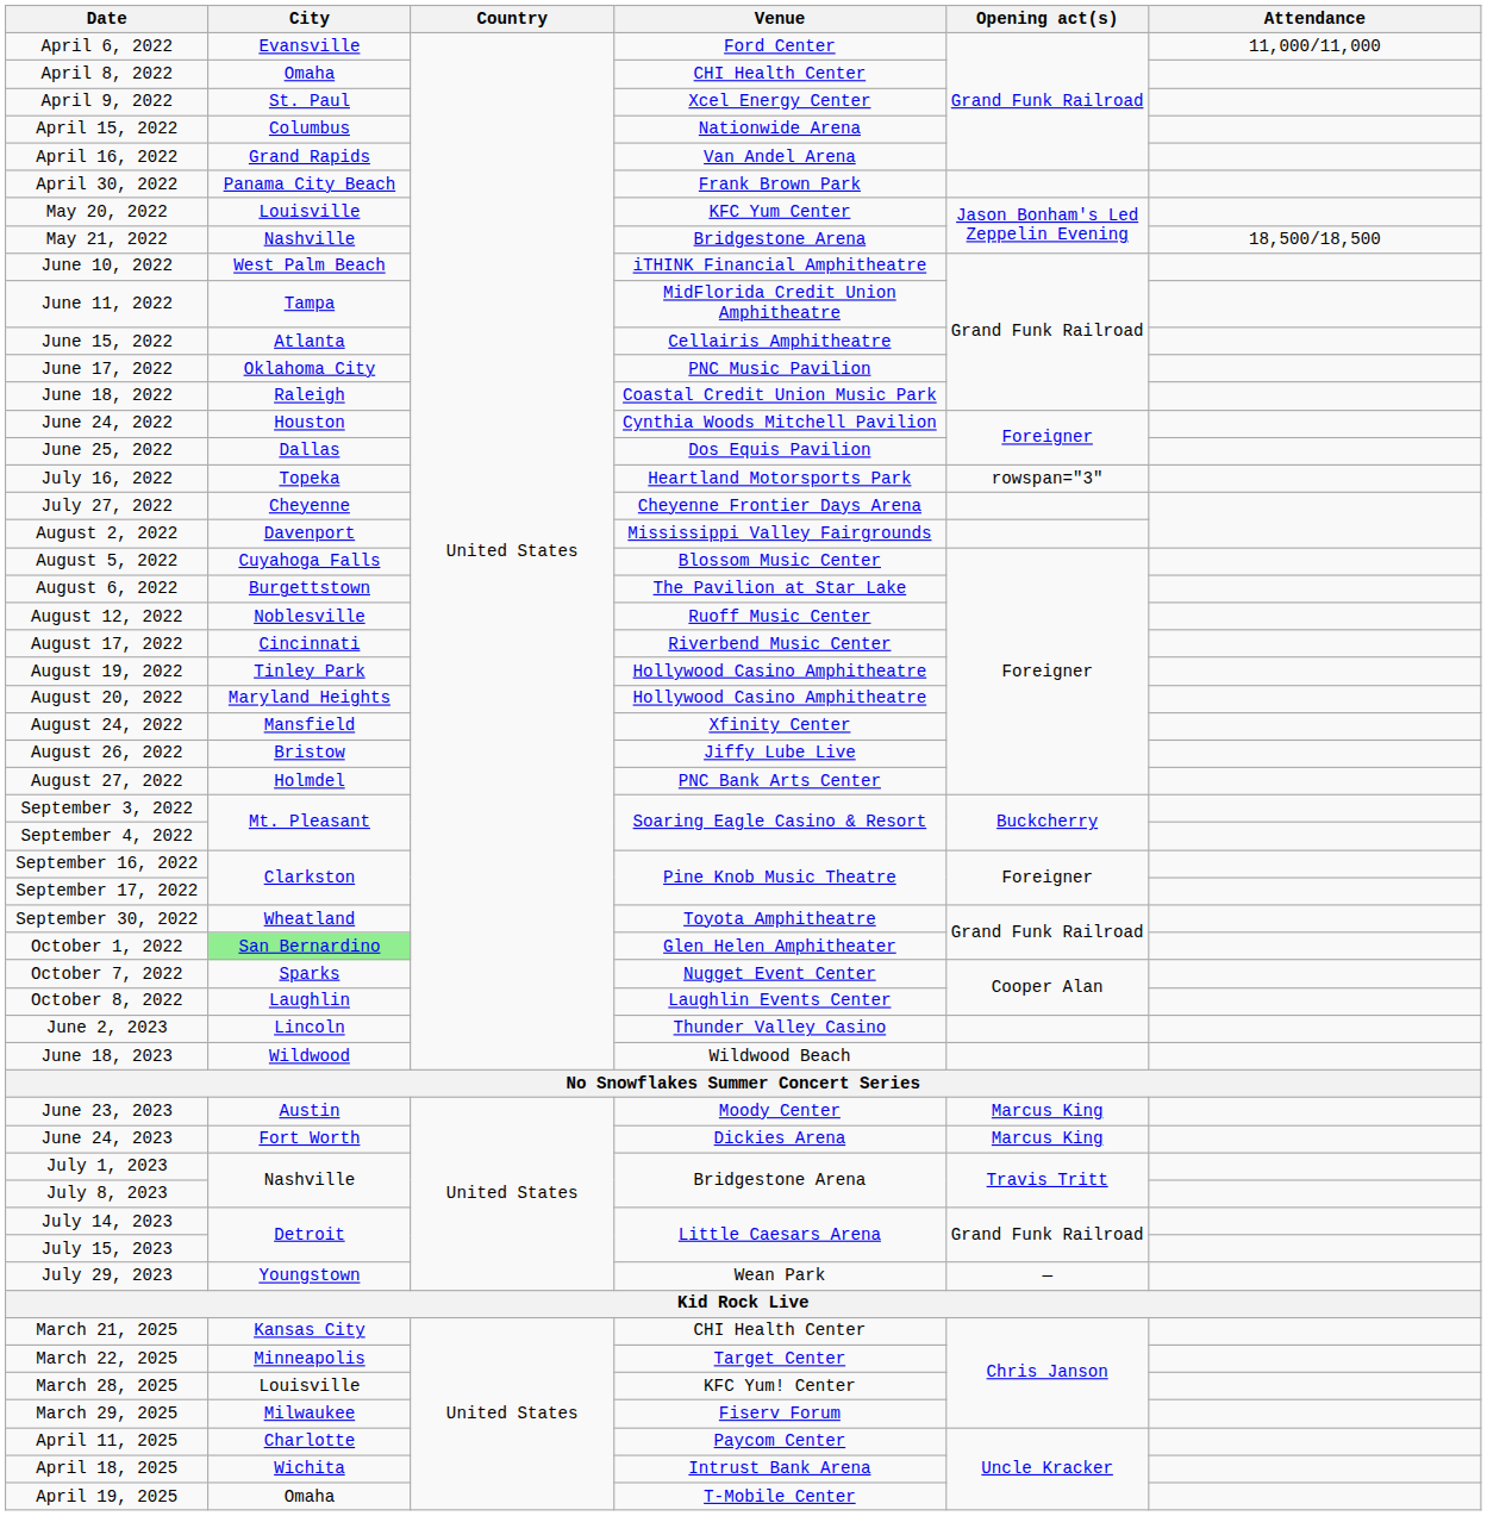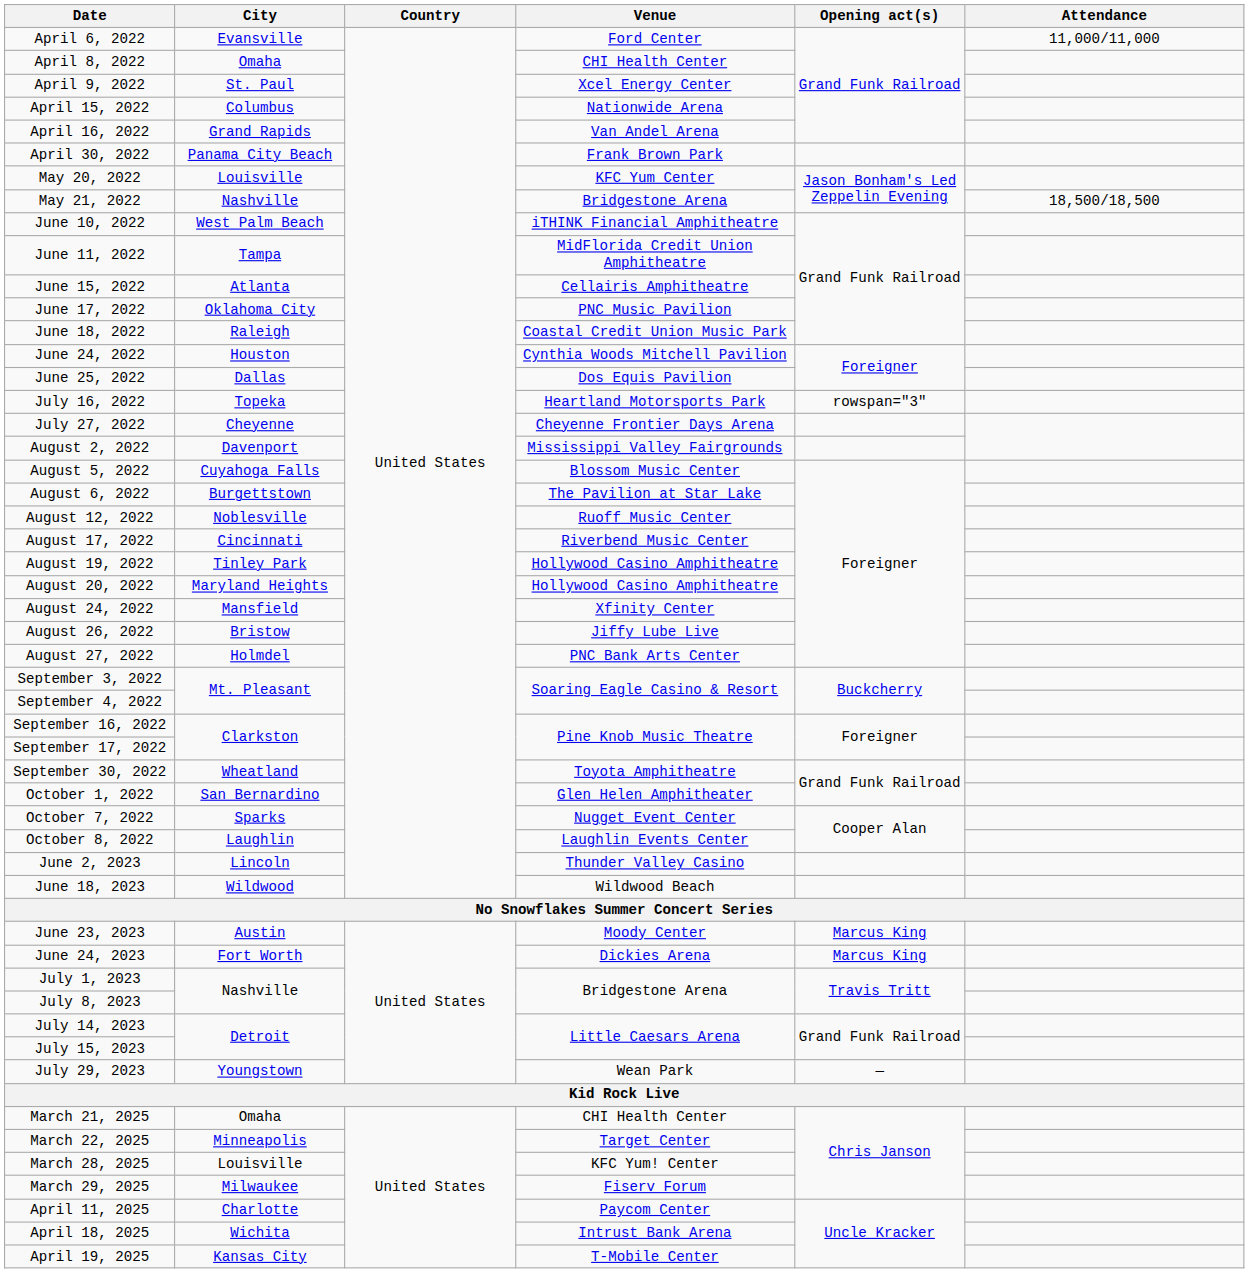 <table class="wikitable" style="text-align:center;">
 <tr>
 <th style="width:150px;">Date</th>
 <th style="width:150px;">City</th>
 <th style="width:150px;">Country</th>
 <th style="width:250px;">Venue</th>
 <th style="width:150px;">Opening act(s)</th>
 <th style="width:250px;">Attendance</th>
 </tr>
 <tr>
 <td>April 6, 2022</td>
 <td><a href='#'>Evansville</a></td>
 <td rowspan="37">United States</td>
 <td><a href='#'>Ford Center</a></td>
 <td rowspan="5"><a href='#'>Grand Funk Railroad</a></td>
 <td>11,000/11,000</td>
 </tr>
 <tr>
 <td>April 8, 2022</td>
 <td><a href='#'>Omaha</a></td>
 <td><a href='#'>CHI Health Center</a></td>
 <td></td>
 </tr>
 <tr>
 <td>April 9, 2022</td>
 <td><a href='#'>St. Paul</a></td>
 <td><a href='#'>Xcel Energy Center</a></td>
 <td></td>
 </tr>
 <tr>
 <td>April 15, 2022</td>
 <td><a href='#'>Columbus</a></td>
 <td><a href='#'>Nationwide Arena</a></td>
 <td></td>
 </tr>
 <tr>
 <td>April 16, 2022</td>
 <td><a href='#'>Grand Rapids</a></td>
 <td><a href='#'>Van Andel Arena</a></td>
 <td></td>
 </tr>
 <tr>
 <td>April 30, 2022</td>
 <td><a href='#'>Panama City Beach</a></td>
 <td><a href='#'>Frank Brown Park</a> </td>
 <td></td>
 <td></td>
 </tr>
 <tr>
 <td>May 20, 2022</td>
 <td><a href='#'>Louisville</a></td>
 <td><a href='#'>KFC Yum Center</a></td>
 <td rowspan="2"><a href='#'>Jason Bonham's Led Zeppelin Evening</a></td>
 <td></td>
 </tr>
 <tr>
 <td>May 21, 2022</td>
 <td><a href='#'>Nashville</a></td>
 <td><a href='#'>Bridgestone Arena</a></td>
 <td>18,500/18,500</td>
 </tr>
 <tr>
 <td>June 10, 2022</td>
 <td><a href='#'>West Palm Beach</a></td>
 <td><a href='#'>iTHINK Financial Amphitheatre</a></td>
 <td rowspan="5">Grand Funk Railroad</td>
 <td></td>
 </tr>
 <tr>
 <td>June 11, 2022</td>
 <td><a href='#'>Tampa</a></td>
 <td><a href='#'>MidFlorida Credit Union Amphitheatre</a></td>
 <td></td>
 </tr>
 <tr>
 <td>June 15, 2022</td>
 <td><a href='#'>Atlanta</a></td>
 <td><a href='#'>Cellairis Amphitheatre</a></td>
 <td></td>
 </tr>
 <tr>
 <td>June 17, 2022</td>
 <td><a href='#'>Oklahoma City</a></td>
 <td><a href='#'>PNC Music Pavilion</a></td>
 <td></td>
 </tr>
 <tr>
 <td>June 18, 2022</td>
 <td><a href='#'>Raleigh</a></td>
 <td><a href='#'>Coastal Credit Union Music Park</a></td>
 <td></td>
 </tr>
 <tr>
 <td>June 24, 2022</td>
 <td><a href='#'>Houston</a></td>
 <td><a href='#'>Cynthia Woods Mitchell Pavilion</a></td>
 <td rowspan="2"><a href='#'>Foreigner</a></td>
 <td></td>
 </tr>
 <tr>
 <td>June 25, 2022</td>
 <td><a href='#'>Dallas</a></td>
 <td><a href='#'>Dos Equis Pavilion</a></td>
 <td></td>
 </tr>
 <tr>
 <td>July 16, 2022</td>
 <td><a href='#'>Topeka</a></td>
 <td><a href='#'>Heartland Motorsports Park</a></td>
 <td>rowspan="3" </td>
 <td></td>
 </tr>
 <tr>
 <td>July 27, 2022</td>
 <td><a href='#'>Cheyenne</a></td>
 <td><a href='#'>Cheyenne Frontier Days Arena</a></td>
 <td></td>
 </tr>
 <tr>
 <td>August 2, 2022</td>
 <td><a href='#'>Davenport</a></td>
 <td><a href='#'>Mississippi Valley Fairgrounds</a></td>
 <td></td>
 </tr>
 <tr>
 <td>August 5, 2022</td>
 <td><a href='#'>Cuyahoga Falls</a></td>
 <td><a href='#'>Blossom Music Center</a></td>
 <td rowspan="9">Foreigner</td>
 <td></td>
 </tr>
 <tr>
 <td>August 6, 2022</td>
 <td><a href='#'>Burgettstown</a></td>
 <td><a href='#'>The Pavilion at Star Lake</a></td>
 <td></td>
 </tr>
 <tr>
 <td>August 12, 2022</td>
 <td><a href='#'>Noblesville</a></td>
 <td><a href='#'>Ruoff Music Center</a></td>
 <td></td>
 </tr>
 <tr>
 <td>August 17, 2022</td>
 <td><a href='#'>Cincinnati</a></td>
 <td><a href='#'>Riverbend Music Center</a></td>
 <td></td>
 </tr>
 <tr>
 <td>August 19, 2022</td>
 <td><a href='#'>Tinley Park</a></td>
 <td><a href='#'>Hollywood Casino Amphitheatre</a></td>
 <td></td>
 </tr>
 <tr>
 <td>August 20, 2022</td>
 <td><a href='#'>Maryland Heights</a></td>
 <td><a href='#'>Hollywood Casino Amphitheatre</a></td>
 <td></td>
 </tr>
 <tr>
 <td>August 24, 2022</td>
 <td><a href='#'>Mansfield</a></td>
 <td><a href='#'>Xfinity Center</a></td>
 <td></td>
 </tr>
 <tr>
 <td>August 26, 2022</td>
 <td><a href='#'>Bristow</a></td>
 <td><a href='#'>Jiffy Lube Live</a></td>
 <td></td>
 </tr>
 <tr>
 <td>August 27, 2022</td>
 <td><a href='#'>Holmdel</a></td>
 <td><a href='#'>PNC Bank Arts Center</a></td>
 <td></td>
 </tr>
 <tr>
 <td>September 3, 2022</td>
 <td rowspan="2"><a href='#'>Mt. Pleasant</a></td>
 <td rowspan="2"><a href='#'>Soaring Eagle Casino & Resort</a></td>
 <td rowspan="2"><a href='#'>Buckcherry</a></td>
 <td></td>
 </tr>
 <tr>
 <td>September 4, 2022</td>
 <td></td>
 </tr>
 <tr>
 <td>September 16, 2022</td>
 <td rowspan="2"><a href='#'>Clarkston</a></td>
 <td rowspan="2"><a href='#'>Pine Knob Music Theatre</a></td>
 <td rowspan="2">Foreigner</td>
 <td></td>
 </tr>
 <tr>
 <td>September 17, 2022</td>
 <td></td>
 </tr>
 <tr>
 <td>September 30, 2022</td>
 <td><a href='#'>Wheatland</a></td>
 <td><a href='#'>Toyota Amphitheatre</a></td>
 <td rowspan="2">Grand Funk Railroad</td>
 <td></td>
 </tr>
 <tr>
 <td>October 1, 2022</td>
-<td style="background: lightgreen;"><a href='#'>San Bernardino</a></td>
+<td><a href='#'>San Bernardino</a></td>
 <td><a href='#'>Glen Helen Amphitheater</a></td>
 <td></td>
 </tr>
 <tr>
 <td>October 7, 2022</td>
 <td><a href='#'>Sparks</a></td>
 <td><a href='#'>Nugget Event Center</a></td>
 <td rowspan="2">Cooper Alan</td>
 <td></td>
 </tr>
 <tr>
 <td>October 8, 2022</td>
 <td><a href='#'>Laughlin</a></td>
 <td><a href='#'>Laughlin Events Center</a></td>
 <td></td>
 </tr>
 <tr>
 <td>June 2, 2023</td>
 <td><a href='#'>Lincoln</a></td>
 <td><a href='#'>Thunder Valley Casino</a></td>
 <td></td>
 <td></td>
 </tr>
 <tr>
 <td>June 18, 2023</td>
 <td><a href='#'>Wildwood</a></td>
 <td>Wildwood Beach</td>
 <td></td>
 <td></td>
 </tr>
 <tr>
 <th colspan="6">No Snowflakes Summer Concert Series</th>
 </tr>
 <tr>
 <td>June 23, 2023</td>
 <td><a href='#'>Austin</a></td>
 <td rowspan="7">United States</td>
 <td><a href='#'>Moody Center</a></td>
 <td><a href='#'>Marcus King</a></td>
 <td></td>
 </tr>
 <tr>
 <td>June 24, 2023</td>
 <td><a href='#'>Fort Worth</a></td>
 <td><a href='#'>Dickies Arena</a></td>
 <td><a href='#'>Marcus King</a></td>
 <td></td>
 </tr>
 <tr>
 <td>July 1, 2023</td>
 <td rowspan="2">Nashville</td>
 <td rowspan="2">Bridgestone Arena</td>
 <td rowspan="2"><a href='#'>Travis Tritt</a></td>
 <td></td>
 </tr>
 <tr>
 <td>July 8, 2023</td>
 <td></td>
 </tr>
 <tr>
 <td>July 14, 2023</td>
 <td rowspan="2"><a href='#'>Detroit</a></td>
 <td rowspan="2"><a href='#'>Little Caesars Arena</a></td>
 <td rowspan="2">Grand Funk Railroad</td>
 <td></td>
 </tr>
 <tr>
 <td>July 15, 2023</td>
 <td></td>
 </tr>
 <tr>
 <td>July 29, 2023</td>
 <td><a href='#'>Youngstown</a></td>
 <td>Wean Park</td>
 <td>—</td>
 <td></td>
 </tr>
 <tr>
 <th colspan="6">Kid Rock Live</th>
 </tr>
 <tr>
 <td>March 21, 2025</td>
-<td><a href='#'>Kansas City</a></td>
+<td>Omaha</td>
 <td rowspan="7">United States</td>
 <td>CHI Health Center</td>
 <td rowspan="4"><a href='#'>Chris Janson</a></td>
 <td></td>
 </tr>
 <tr>
 <td>March 22, 2025</td>
 <td><a href='#'>Minneapolis</a></td>
 <td><a href='#'>Target Center</a></td>
 <td></td>
 </tr>
 <tr>
 <td>March 28, 2025</td>
 <td>Louisville</td>
 <td>KFC Yum! Center</td>
 <td></td>
 </tr>
 <tr>
 <td>March 29, 2025</td>
 <td><a href='#'>Milwaukee</a></td>
 <td><a href='#'>Fiserv Forum</a></td>
 <td></td>
 </tr>
 <tr>
 <td>April 11, 2025</td>
 <td><a href='#'>Charlotte</a></td>
 <td><a href='#'>Paycom Center</a></td>
 <td rowspan="3"><a href='#'>Uncle Kracker</a></td>
 <td></td>
 </tr>
 <tr>
 <td>April 18, 2025</td>
 <td><a href='#'>Wichita</a></td>
 <td><a href='#'>Intrust Bank Arena</a></td>
 <td></td>
 </tr>
 <tr>
 <td>April 19, 2025</td>
-<td>Omaha</td>
+<td><a href='#'>Kansas City</a></td>
 <td><a href='#'>T-Mobile Center</a></td>
 <td></td>
 </tr>
 </table>
